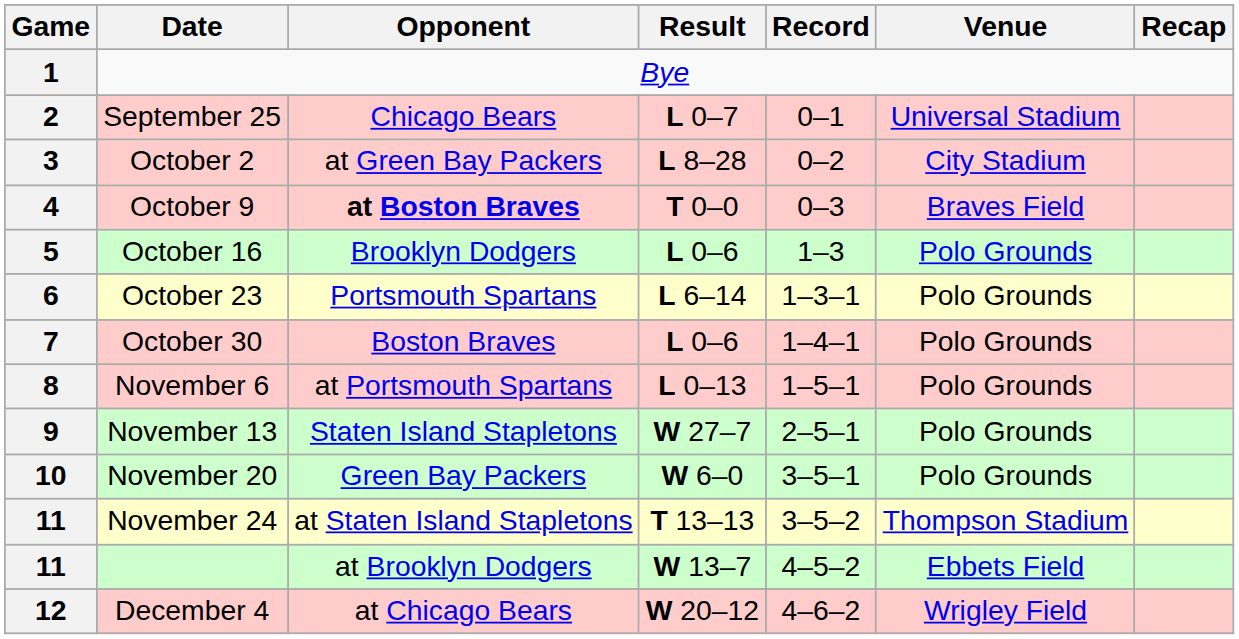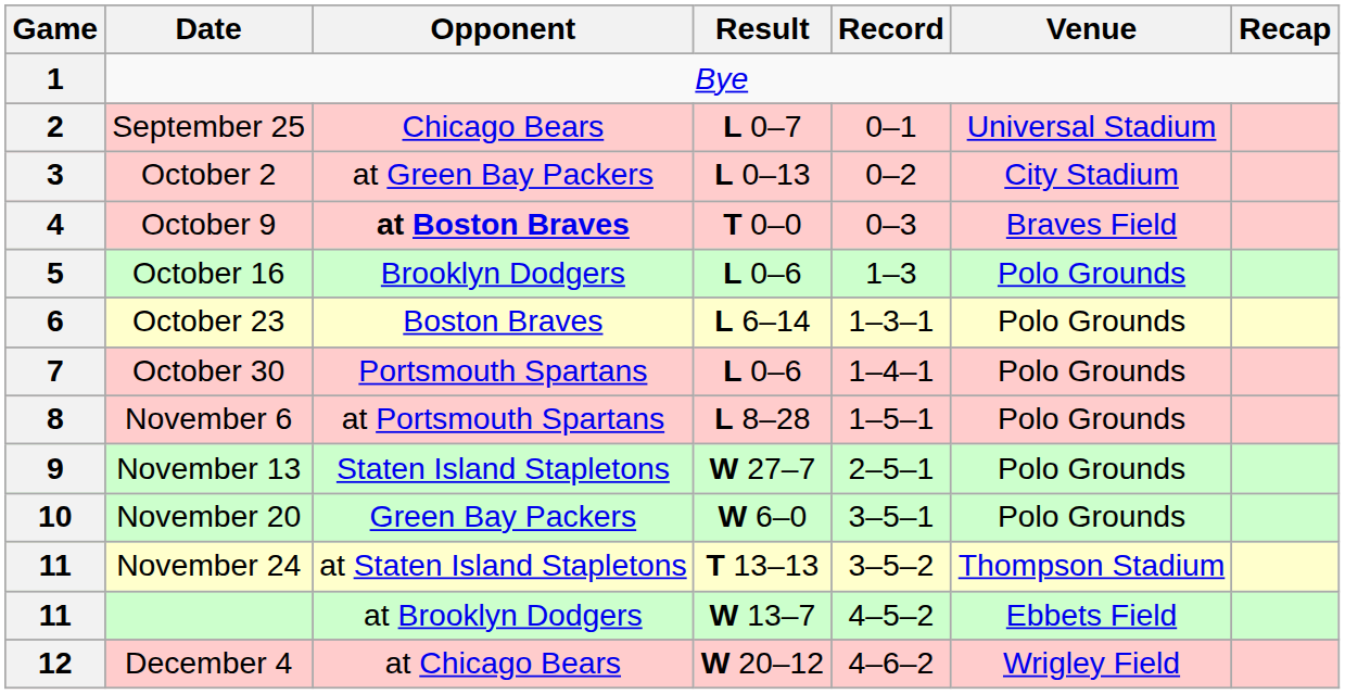 <table class="wikitable" style="text-align:center">
 <tr>
 <th>Game</th>
 <th>Date</th>
 <th>Opponent</th>
 <th>Result</th>
 <th>Record</th>
 <th>Venue</th>
 <th>Recap</th>
 </tr>
 <tr>
 <th>1</th>
 <td colspan="7"><em><a href='#'>Bye</a></em></td>
 </tr>
 <tr style="background:#fcc">
 <th>2</th>
 <td>September 25</td>
 <td><a href='#'>Chicago Bears</a></td>
 <td><strong>L</strong> 0–7</td>
 <td>0–1</td>
 <td><a href='#'>Universal Stadium</a></td>
 <td></td>
 </tr>
 <tr style="background:#fcc">
 <th>3</th>
 <td>October 2</td>
 <td>at <a href='#'>Green Bay Packers</a></td>
-<td><strong>L</strong> 8–28</td>
+<td><strong>L</strong> 0–13</td>
 <td>0–2</td>
 <td><a href='#'>City Stadium</a></td>
 <td></td>
 </tr>
 <tr style="background:#fcc">
 <th>4</th>
 <td>October 9</td>
 <td><strong>at <a href='#'>Boston Braves</a></strong></td>
 <td><strong>T</strong> 0–0</td>
 <td>0–3</td>
 <td><a href='#'>Braves Field</a></td>
 <td></td>
 </tr>
 <tr style="background:#cfc">
 <th>5</th>
 <td>October 16</td>
 <td><a href='#'>Brooklyn Dodgers</a></td>
 <td><strong>L</strong> 0–6</td>
 <td>1–3</td>
 <td><a href='#'>Polo Grounds</a></td>
 <td></td>
 </tr>
 <tr style="background:#ffc">
 <th>6</th>
 <td>October 23</td>
-<td><a href='#'>Portsmouth Spartans</a></td>
+<td><a href='#'>Boston Braves</a></td>
 <td><strong>L</strong> 6–14</td>
 <td>1–3–1</td>
 <td>Polo Grounds</td>
 <td></td>
 </tr>
 <tr style="background:#fcc">
 <th>7</th>
 <td>October 30</td>
-<td><a href='#'>Boston Braves</a></td>
+<td><a href='#'>Portsmouth Spartans</a></td>
 <td><strong>L</strong> 0–6</td>
 <td>1–4–1</td>
 <td>Polo Grounds</td>
 <td></td>
 </tr>
 <tr style="background:#fcc">
 <th>8</th>
 <td>November 6</td>
 <td>at <a href='#'>Portsmouth Spartans</a></td>
-<td><strong>L</strong> 0–13</td>
+<td><strong>L</strong> 8–28</td>
 <td>1–5–1</td>
 <td>Polo Grounds</td>
 <td></td>
 </tr>
 <tr style="background:#cfc">
 <th>9</th>
 <td>November 13</td>
 <td><a href='#'>Staten Island Stapletons</a></td>
 <td><strong>W</strong> 27–7</td>
 <td>2–5–1</td>
 <td>Polo Grounds</td>
 <td></td>
 </tr>
 <tr style="background:#cfc">
 <th>10</th>
 <td>November 20</td>
 <td><a href='#'>Green Bay Packers</a></td>
 <td><strong>W</strong> 6–0</td>
 <td>3–5–1</td>
 <td>Polo Grounds</td>
 <td></td>
 </tr>
 <tr style="background:#ffc">
 <th>11</th>
 <td>November 24</td>
 <td>at <a href='#'>Staten Island Stapletons</a></td>
 <td><strong>T</strong> 13–13</td>
 <td>3–5–2</td>
 <td><a href='#'>Thompson Stadium</a></td>
 <td></td>
 </tr>
 <tr style="background:#cfc">
 <th>11</th>
 <td></td>
 <td>at <a href='#'>Brooklyn Dodgers</a></td>
 <td><strong>W</strong> 13–7</td>
 <td>4–5–2</td>
 <td><a href='#'>Ebbets Field</a></td>
 <td></td>
 </tr>
 <tr style="background:#fcc">
 <th>12</th>
 <td>December 4</td>
 <td>at <a href='#'>Chicago Bears</a></td>
 <td><strong>W</strong> 20–12</td>
 <td>4–6–2</td>
 <td><a href='#'>Wrigley Field</a></td>
 <td></td>
 </tr>
 </table>
